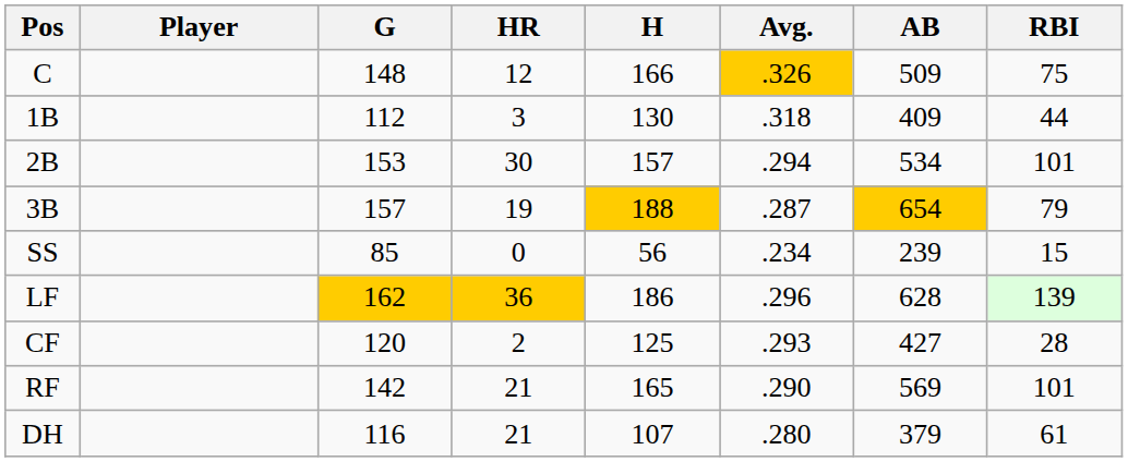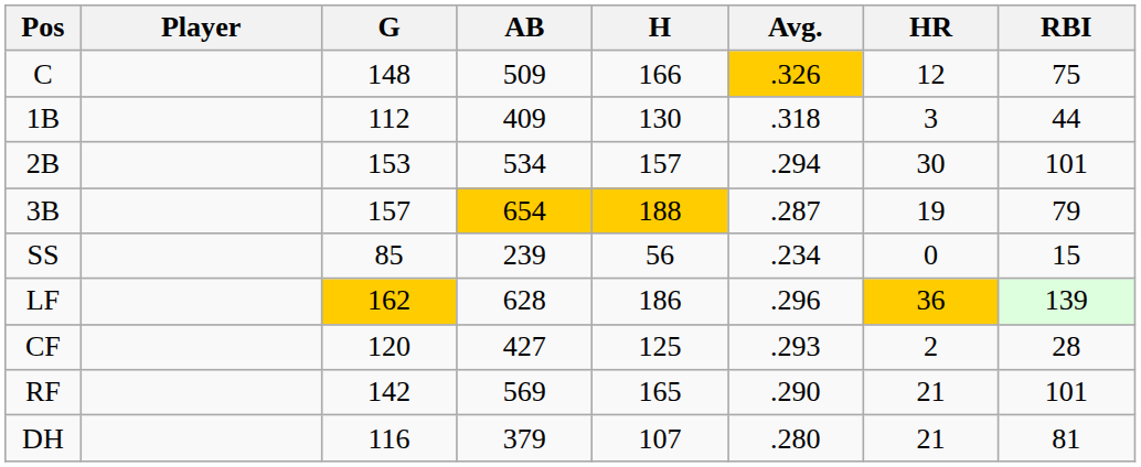 <table class="wikitable sortable">
 <tr>
 <th width="5%">Pos</th>
 <th width="16%">Player</th>
 <th width="9%">G</th>
-<th width="9%">HR</th>
+<th width="9%">AB</th>
 <th width="9%">H</th>
 <th width="9%">Avg.</th>
-<th width="9%">AB</th>
+<th width="9%">HR</th>
 <th width="9%">RBI</th>
 </tr>
 <tr align="center">
 <td>C</td>
 <td></td>
 <td>148</td>
-<td>12</td>
+<td>509</td>
 <td>166</td>
 <td style="background:#fc0;">.326</td>
-<td>509</td>
+<td>12</td>
 <td>75</td>
 </tr>
 <tr align="center">
 <td>1B</td>
 <td></td>
 <td>112</td>
-<td>3</td>
+<td>409</td>
 <td>130</td>
 <td>.318</td>
-<td>409</td>
+<td>3</td>
 <td>44</td>
 </tr>
 <tr align="center">
 <td>2B</td>
 <td></td>
 <td>153</td>
-<td>30</td>
+<td>534</td>
 <td>157</td>
 <td>.294</td>
-<td>534</td>
+<td>30</td>
 <td>101</td>
 </tr>
 <tr align="center">
 <td>3B</td>
 <td></td>
 <td>157</td>
-<td>19</td>
+<td style="background:#fc0;">654</td>
 <td style="background:#fc0;">188</td>
 <td>.287</td>
-<td style="background:#fc0;">654</td>
+<td>19</td>
 <td>79</td>
 </tr>
 <tr align="center">
 <td>SS</td>
 <td></td>
 <td>85</td>
-<td>0</td>
+<td>239</td>
 <td>56</td>
 <td>.234</td>
-<td>239</td>
+<td>0</td>
 <td>15</td>
 </tr>
 <tr align="center">
 <td>LF</td>
 <td></td>
 <td style="background:#fc0;">162</td>
-<td style="background:#fc0;">36</td>
+<td>628</td>
 <td>186</td>
 <td>.296</td>
-<td>628</td>
+<td style="background:#fc0;">36</td>
 <td style="background:#DDFFDD;">139</td>
 </tr>
 <tr align="center">
 <td>CF</td>
 <td></td>
 <td>120</td>
-<td>2</td>
+<td>427</td>
 <td>125</td>
 <td>.293</td>
-<td>427</td>
+<td>2</td>
 <td>28</td>
 </tr>
 <tr align="center">
 <td>RF</td>
 <td></td>
 <td>142</td>
-<td>21</td>
+<td>569</td>
 <td>165</td>
 <td>.290</td>
-<td>569</td>
+<td>21</td>
 <td>101</td>
 </tr>
 <tr align="center">
 <td>DH</td>
 <td></td>
 <td>116</td>
-<td>21</td>
+<td>379</td>
 <td>107</td>
 <td>.280</td>
-<td>379</td>
-<td>61</td>
+<td>21</td>
+<td>81</td>
 </tr>
 </table>
